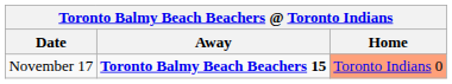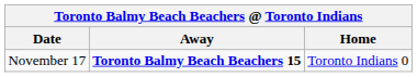 <table class="wikitable">
 <tr>
 <th colspan=4><a href='#'>Toronto Balmy Beach Beachers</a> @ <a href='#'>Toronto Indians</a></th>
 </tr>
 <tr>
 <th>Date</th>
 <th>Away</th>
 <th>Home</th>
 </tr>
 <tr>
 <td>November 17</td>
 <td><strong><a href='#'>Toronto Balmy Beach Beachers</a> 15</strong></td>
-<td style="background: lightsalmon;"><a href='#'>Toronto Indians</a> 0</td>
+<td><a href='#'>Toronto Indians</a> 0</td>
 </tr>
 </table>
